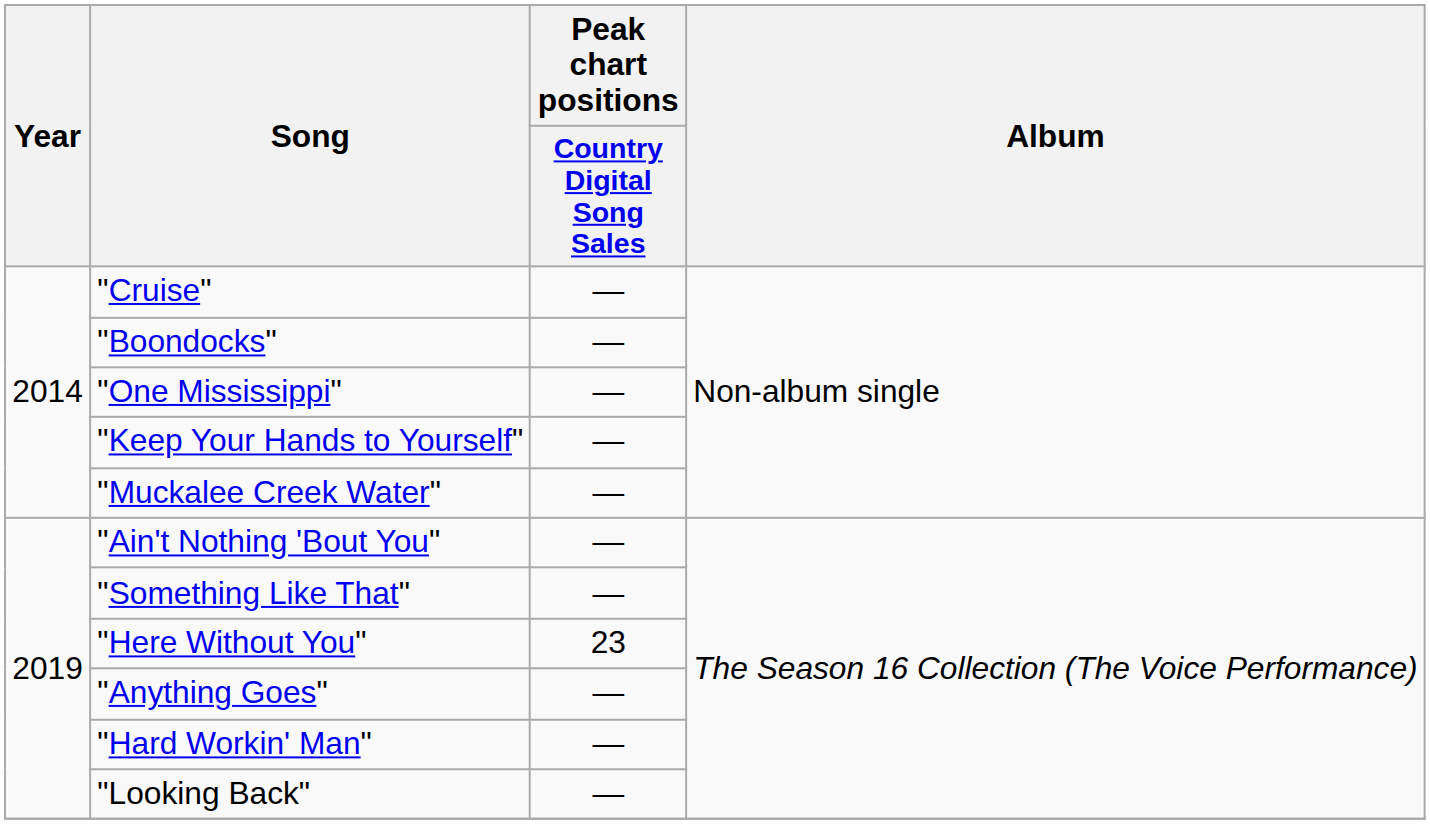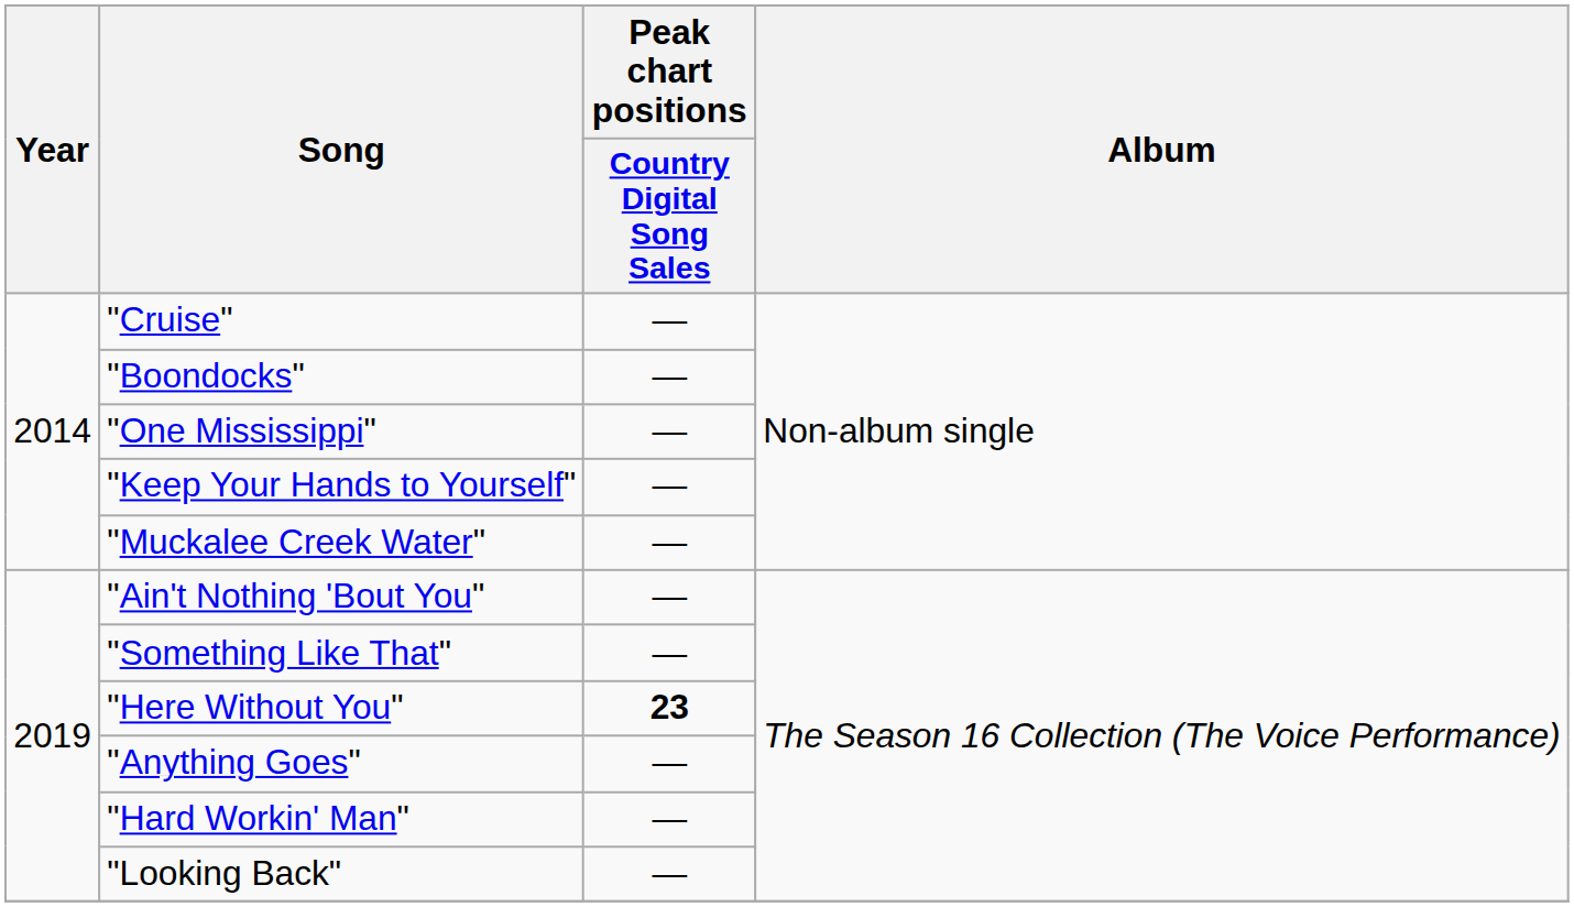 <table class="wikitable">
 <tr>
 <th scope="col" rowspan="2">Year</th>
 <th scope="col" rowspan="2">Song</th>
 <th scope="col" rowspan="1">Peak chart positions</th>
 <th scope="col" rowspan="2">Album</th>
 </tr>
 <tr>
 <th scope="col" style="width:3em;font-size:90%;"><a href='#'>Country Digital Song Sales</a><br></th>
 </tr>
 <tr>
 <td rowspan="5">2014</td>
 <td>"<a href='#'>Cruise</a>"</td>
 <td align="center">—</td>
 <td rowspan="5">Non-album single</td>
 </tr>
 <tr>
 <td>"<a href='#'>Boondocks</a>"</td>
 <td align="center">—</td>
 </tr>
 <tr>
 <td>"<a href='#'>One Mississippi</a>"</td>
 <td align="center">—</td>
 </tr>
 <tr>
 <td>"<a href='#'>Keep Your Hands to Yourself</a>"</td>
 <td align="center">—</td>
 </tr>
 <tr>
 <td>"<a href='#'>Muckalee Creek Water</a>"</td>
 <td align="center">—</td>
 </tr>
 <tr>
 <td rowspan="6">2019</td>
 <td>"<a href='#'>Ain't Nothing 'Bout You</a>"</td>
 <td align="center">—</td>
 <td rowspan="6"><em>The Season 16 Collection (The Voice Performance)</em></td>
 </tr>
 <tr>
 <td>"<a href='#'>Something Like That</a>"</td>
 <td align="center">—</td>
 </tr>
 <tr>
 <td>"<a href='#'>Here Without You</a>"</td>
-<td align="center">23</td>
+<td align="center"><strong>23</strong></td>
 </tr>
 <tr>
 <td>"<a href='#'>Anything Goes</a>"</td>
 <td align="center">—</td>
 </tr>
 <tr>
 <td>"<a href='#'>Hard Workin' Man</a>"</td>
 <td align="center">—</td>
 </tr>
 <tr>
 <td>"Looking Back"</td>
 <td align="center">—</td>
 </tr>
 <tr>
 </tr>
 </table>
